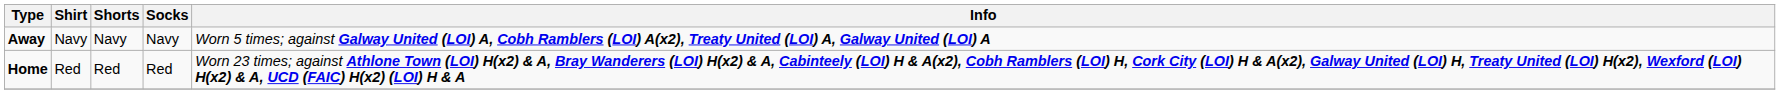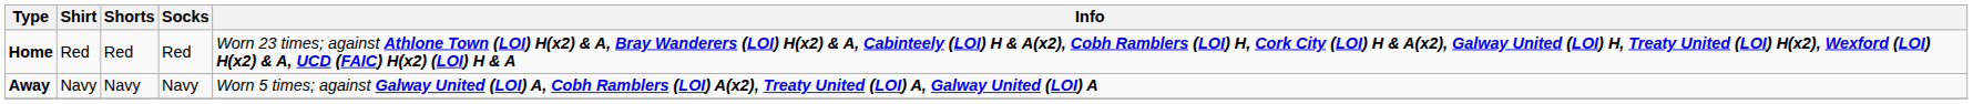 <table class="wikitable">
 <tr>
 <th>Type</th>
 <th>Shirt</th>
 <th>Shorts</th>
 <th>Socks</th>
 <th>Info</th>
 </tr>
 <tr>
+<td><span><strong>Home</strong></span></td>
+<td>Red</td>
+<td>Red</td>
+<td>Red</td>
+<td><em>Worn 23 times; against</em> <strong><em><a href='#'>Athlone Town</a> (<a href='#'>LOI</a>) H(x2) & A, <a href='#'>Bray Wanderers</a> (<a href='#'>LOI</a>) H(x2) & A, <a href='#'>Cabinteely</a> (<a href='#'>LOI</a>) H & A(x2), <a href='#'>Cobh Ramblers</a> (<a href='#'>LOI</a>) H, <a href='#'>Cork City</a> (<a href='#'>LOI</a>) H & A(x2),  <a href='#'>Galway United</a> (<a href='#'>LOI</a>) H, <a href='#'>Treaty United</a> (<a href='#'>LOI</a>) H(x2), <a href='#'>Wexford</a> (<a href='#'>LOI</a>) H(x2) & A, <a href='#'>UCD</a> (<a href='#'>FAIC</a>) H(x2) (<a href='#'>LOI</a>) H & A</em></strong></td>
+</tr>
+<tr>
 <td><span><strong>Away</strong></span></td>
 <td>Navy</td>
 <td>Navy</td>
 <td>Navy</td>
 <td><em>Worn 5 times; against</em> <strong><em><a href='#'>Galway United</a> (<a href='#'>LOI</a>) A, <a href='#'>Cobh Ramblers</a> (<a href='#'>LOI</a>) A(x2), <a href='#'>Treaty United</a> (<a href='#'>LOI</a>) A, <a href='#'>Galway United</a> (<a href='#'>LOI</a>) A</em></strong></td>
 </tr>
 <tr>
-<td><span><strong>Home</strong></span></td>
-<td>Red</td>
-<td>Red</td>
-<td>Red</td>
-<td><em>Worn 23 times; against</em> <strong><em><a href='#'>Athlone Town</a> (<a href='#'>LOI</a>) H(x2) & A, <a href='#'>Bray Wanderers</a> (<a href='#'>LOI</a>) H(x2) & A, <a href='#'>Cabinteely</a> (<a href='#'>LOI</a>) H & A(x2), <a href='#'>Cobh Ramblers</a> (<a href='#'>LOI</a>) H, <a href='#'>Cork City</a> (<a href='#'>LOI</a>) H & A(x2),  <a href='#'>Galway United</a> (<a href='#'>LOI</a>) H, <a href='#'>Treaty United</a> (<a href='#'>LOI</a>) H(x2), <a href='#'>Wexford</a> (<a href='#'>LOI</a>) H(x2) & A, <a href='#'>UCD</a> (<a href='#'>FAIC</a>) H(x2) (<a href='#'>LOI</a>) H & A</em></strong></td>
-</tr>
-<tr>
 </tr>
 </table>
